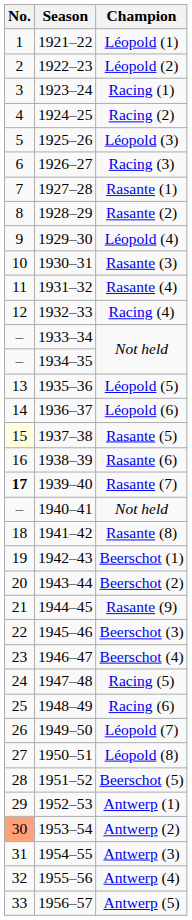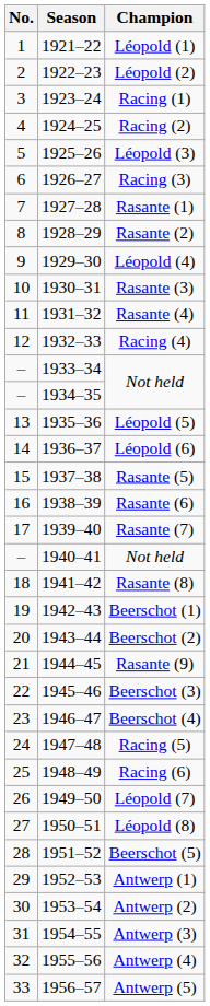 <table class="wikitable" style="text-align:center">
 <tr>
 <th>No.</th>
 <th>Season</th>
 <th>Champion</th>
 </tr>
 <tr>
 <td>1</td>
 <td>1921–22</td>
 <td><a href='#'>Léopold</a> (1)</td>
 </tr>
 <tr>
 <td>2</td>
 <td>1922–23</td>
 <td><a href='#'>Léopold</a> (2)</td>
 </tr>
 <tr>
 <td>3</td>
 <td>1923–24</td>
 <td><a href='#'>Racing</a> (1)</td>
 </tr>
 <tr>
 <td>4</td>
 <td>1924–25</td>
 <td><a href='#'>Racing</a> (2)</td>
 </tr>
 <tr>
 <td>5</td>
 <td>1925–26</td>
 <td><a href='#'>Léopold</a> (3)</td>
 </tr>
 <tr>
 <td>6</td>
 <td>1926–27</td>
 <td><a href='#'>Racing</a> (3)</td>
 </tr>
 <tr>
 <td>7</td>
 <td>1927–28</td>
 <td><a href='#'>Rasante</a> (1)</td>
 </tr>
 <tr>
 <td>8</td>
 <td>1928–29</td>
 <td><a href='#'>Rasante</a> (2)</td>
 </tr>
 <tr>
 <td>9</td>
 <td>1929–30</td>
 <td><a href='#'>Léopold</a> (4)</td>
 </tr>
 <tr>
 <td>10</td>
 <td>1930–31</td>
 <td><a href='#'>Rasante</a> (3)</td>
 </tr>
 <tr>
 <td>11</td>
 <td>1931–32</td>
 <td><a href='#'>Rasante</a> (4)</td>
 </tr>
 <tr>
 <td>12</td>
 <td>1932–33</td>
 <td><a href='#'>Racing</a> (4)</td>
 </tr>
 <tr>
 <td>–</td>
 <td>1933–34</td>
 <td rowspan=2><em>Not held</em></td>
 </tr>
 <tr>
 <td>–</td>
 <td>1934–35</td>
 </tr>
 <tr>
 <td>13</td>
 <td>1935–36</td>
 <td><a href='#'>Léopold</a> (5)</td>
 </tr>
 <tr>
 <td>14</td>
 <td>1936–37</td>
 <td><a href='#'>Léopold</a> (6)</td>
 </tr>
 <tr>
-<td style="background: lightyellow;">15</td>
+<td>15</td>
 <td>1937–38</td>
 <td><a href='#'>Rasante</a> (5)</td>
 </tr>
 <tr>
 <td>16</td>
 <td>1938–39</td>
 <td><a href='#'>Rasante</a> (6)</td>
 </tr>
 <tr>
-<td><strong>17</strong></td>
+<td>17</td>
 <td>1939–40</td>
 <td><a href='#'>Rasante</a> (7)</td>
 </tr>
 <tr>
 <td>–</td>
 <td>1940–41</td>
 <td><em>Not held</em></td>
 </tr>
 <tr>
 <td>18</td>
 <td>1941–42</td>
 <td><a href='#'>Rasante</a> (8)</td>
 </tr>
 <tr>
 <td>19</td>
 <td>1942–43</td>
 <td><a href='#'>Beerschot</a> (1)</td>
 </tr>
 <tr>
 <td>20</td>
 <td>1943–44</td>
 <td><a href='#'>Beerschot</a> (2)</td>
 </tr>
 <tr>
 <td>21</td>
 <td>1944–45</td>
 <td><a href='#'>Rasante</a> (9)</td>
 </tr>
 <tr>
 <td>22</td>
 <td>1945–46</td>
 <td><a href='#'>Beerschot</a> (3)</td>
 </tr>
 <tr>
 <td>23</td>
 <td>1946–47</td>
 <td><a href='#'>Beerschot</a> (4)</td>
 </tr>
 <tr>
 <td>24</td>
 <td>1947–48</td>
 <td><a href='#'>Racing</a> (5)</td>
 </tr>
 <tr>
 <td>25</td>
 <td>1948–49</td>
 <td><a href='#'>Racing</a> (6)</td>
 </tr>
 <tr>
 <td>26</td>
 <td>1949–50</td>
 <td><a href='#'>Léopold</a> (7)</td>
 </tr>
 <tr>
 <td>27</td>
 <td>1950–51</td>
 <td><a href='#'>Léopold</a> (8)</td>
 </tr>
 <tr>
 <td>28</td>
 <td>1951–52</td>
 <td><a href='#'>Beerschot</a> (5)</td>
 </tr>
 <tr>
 <td>29</td>
 <td>1952–53</td>
 <td><a href='#'>Antwerp</a> (1)</td>
 </tr>
 <tr>
-<td style="background: lightsalmon;">30</td>
+<td>30</td>
 <td>1953–54</td>
 <td><a href='#'>Antwerp</a> (2)</td>
 </tr>
 <tr>
 <td>31</td>
 <td>1954–55</td>
 <td><a href='#'>Antwerp</a> (3)</td>
 </tr>
 <tr>
 <td>32</td>
 <td>1955–56</td>
 <td><a href='#'>Antwerp</a> (4)</td>
 </tr>
 <tr>
 <td>33</td>
 <td>1956–57</td>
 <td><a href='#'>Antwerp</a> (5)</td>
 </tr>
 </table>
